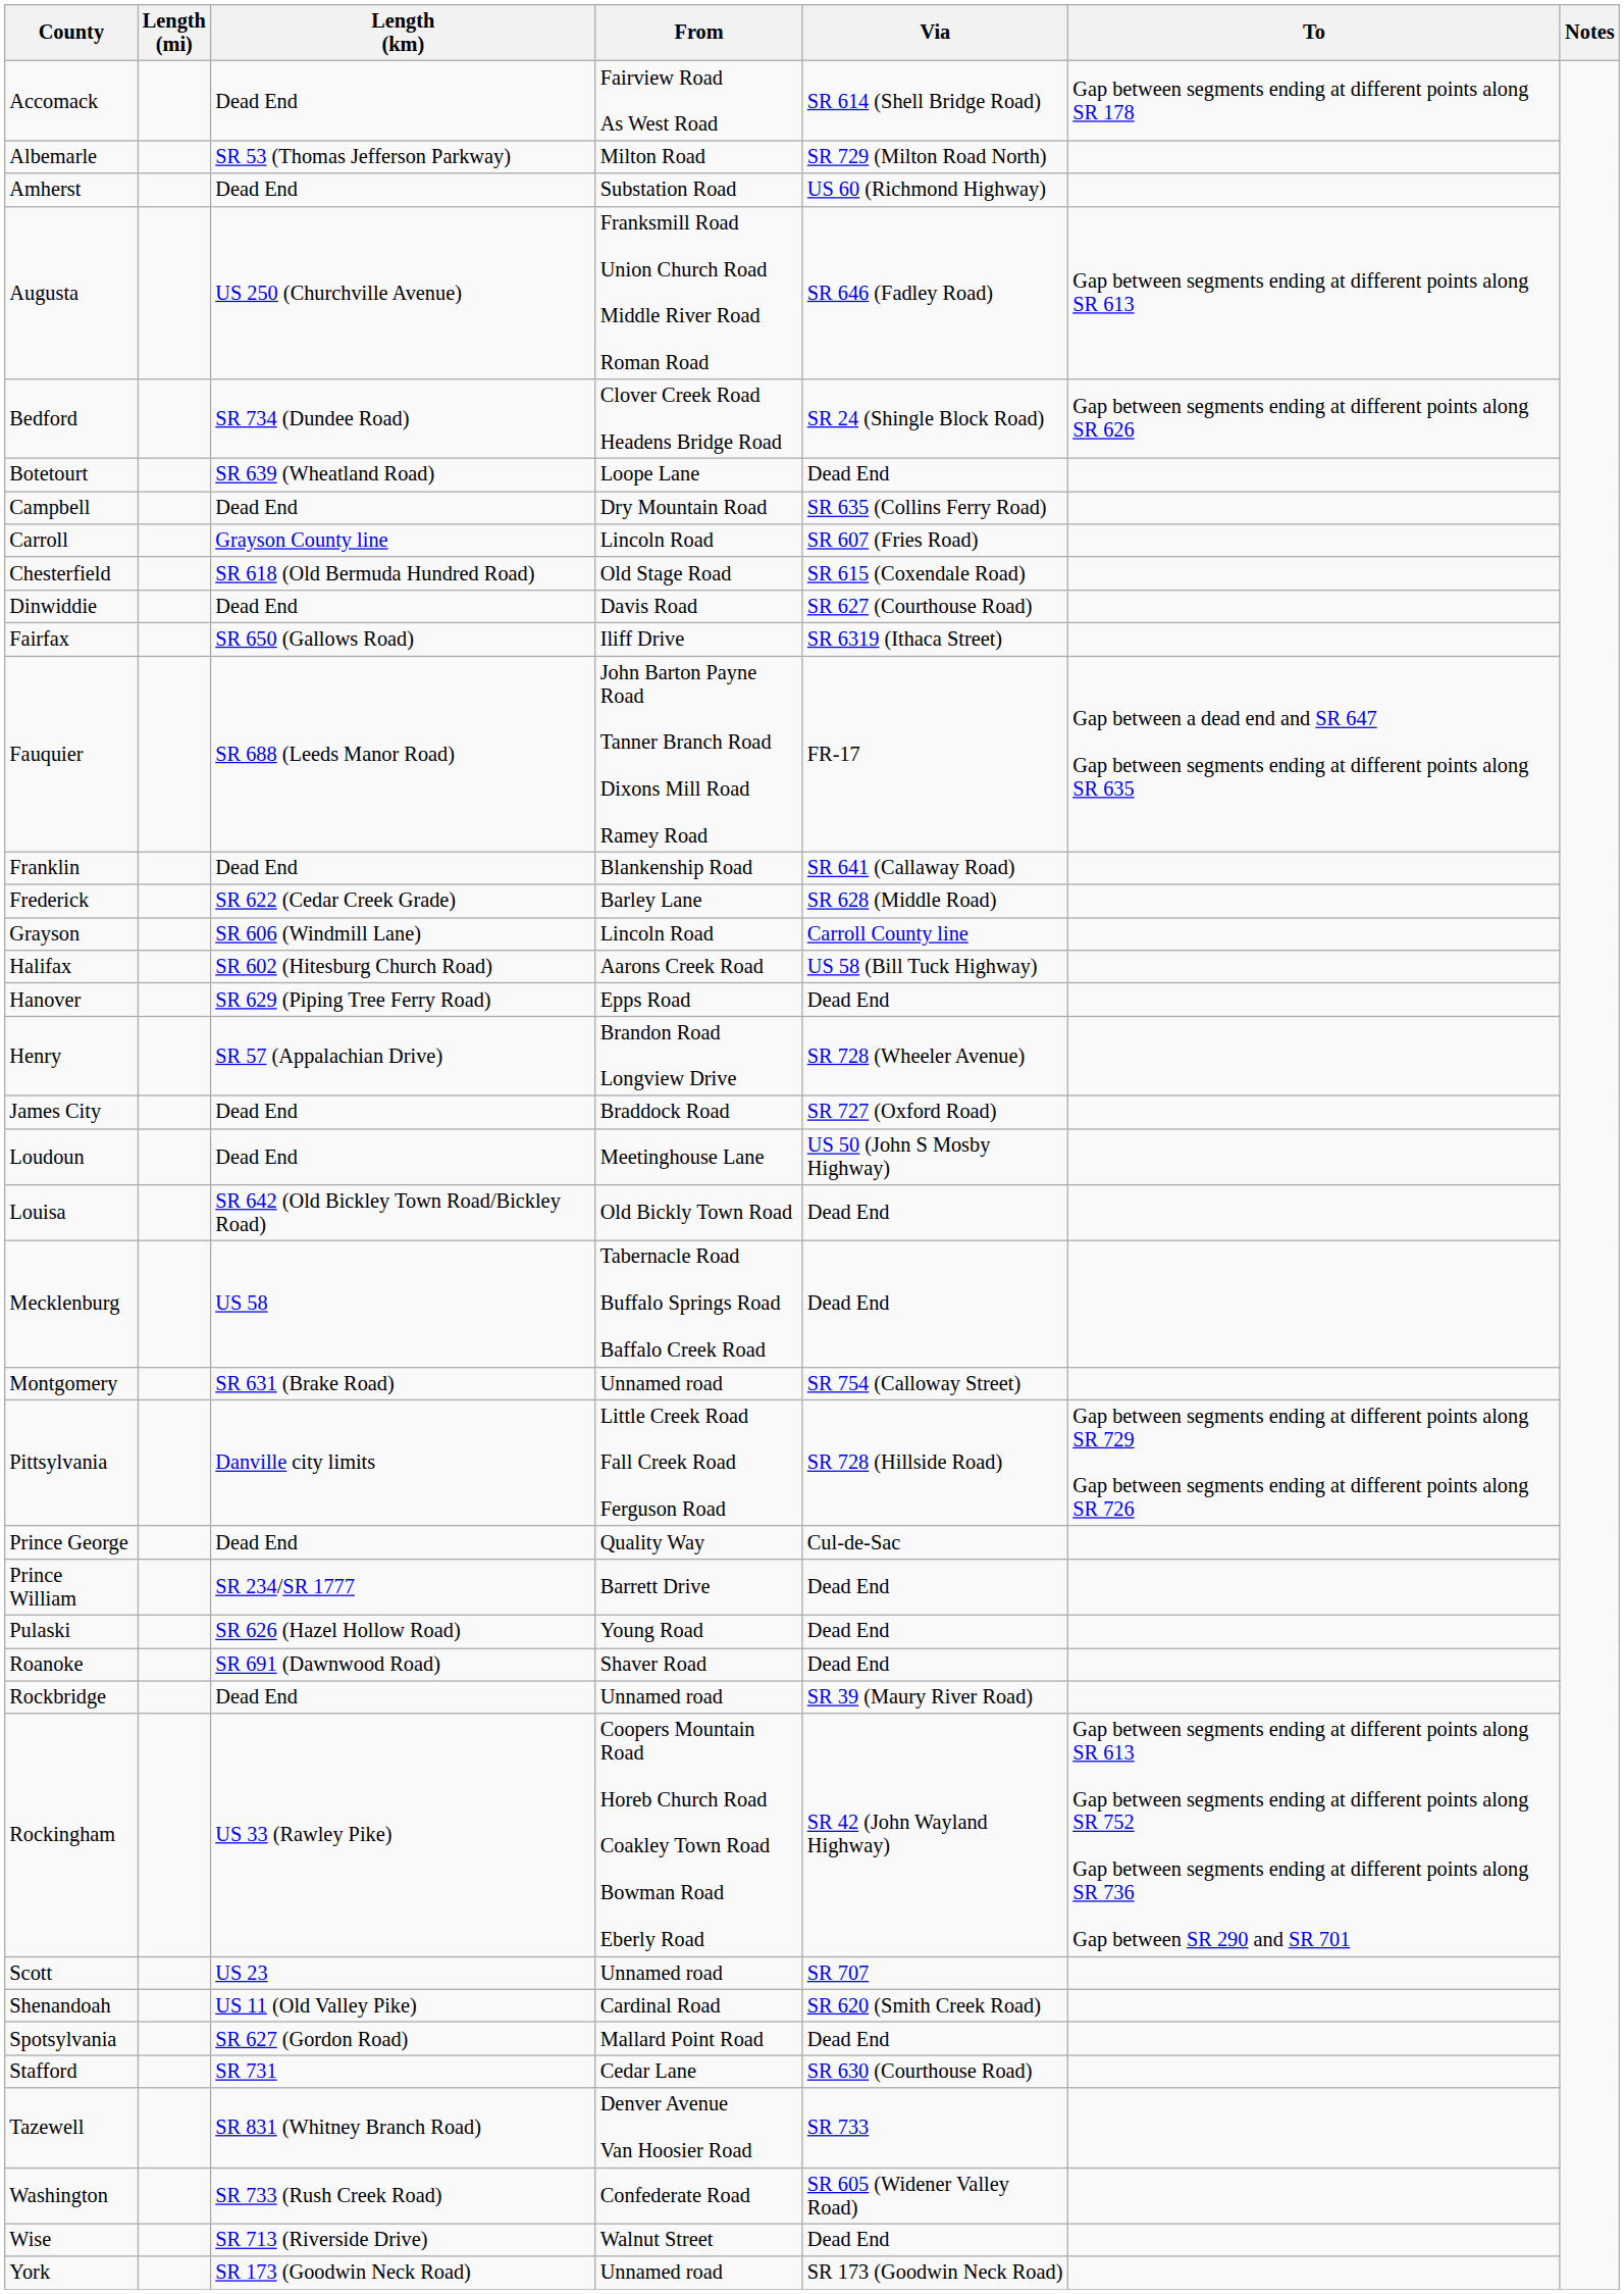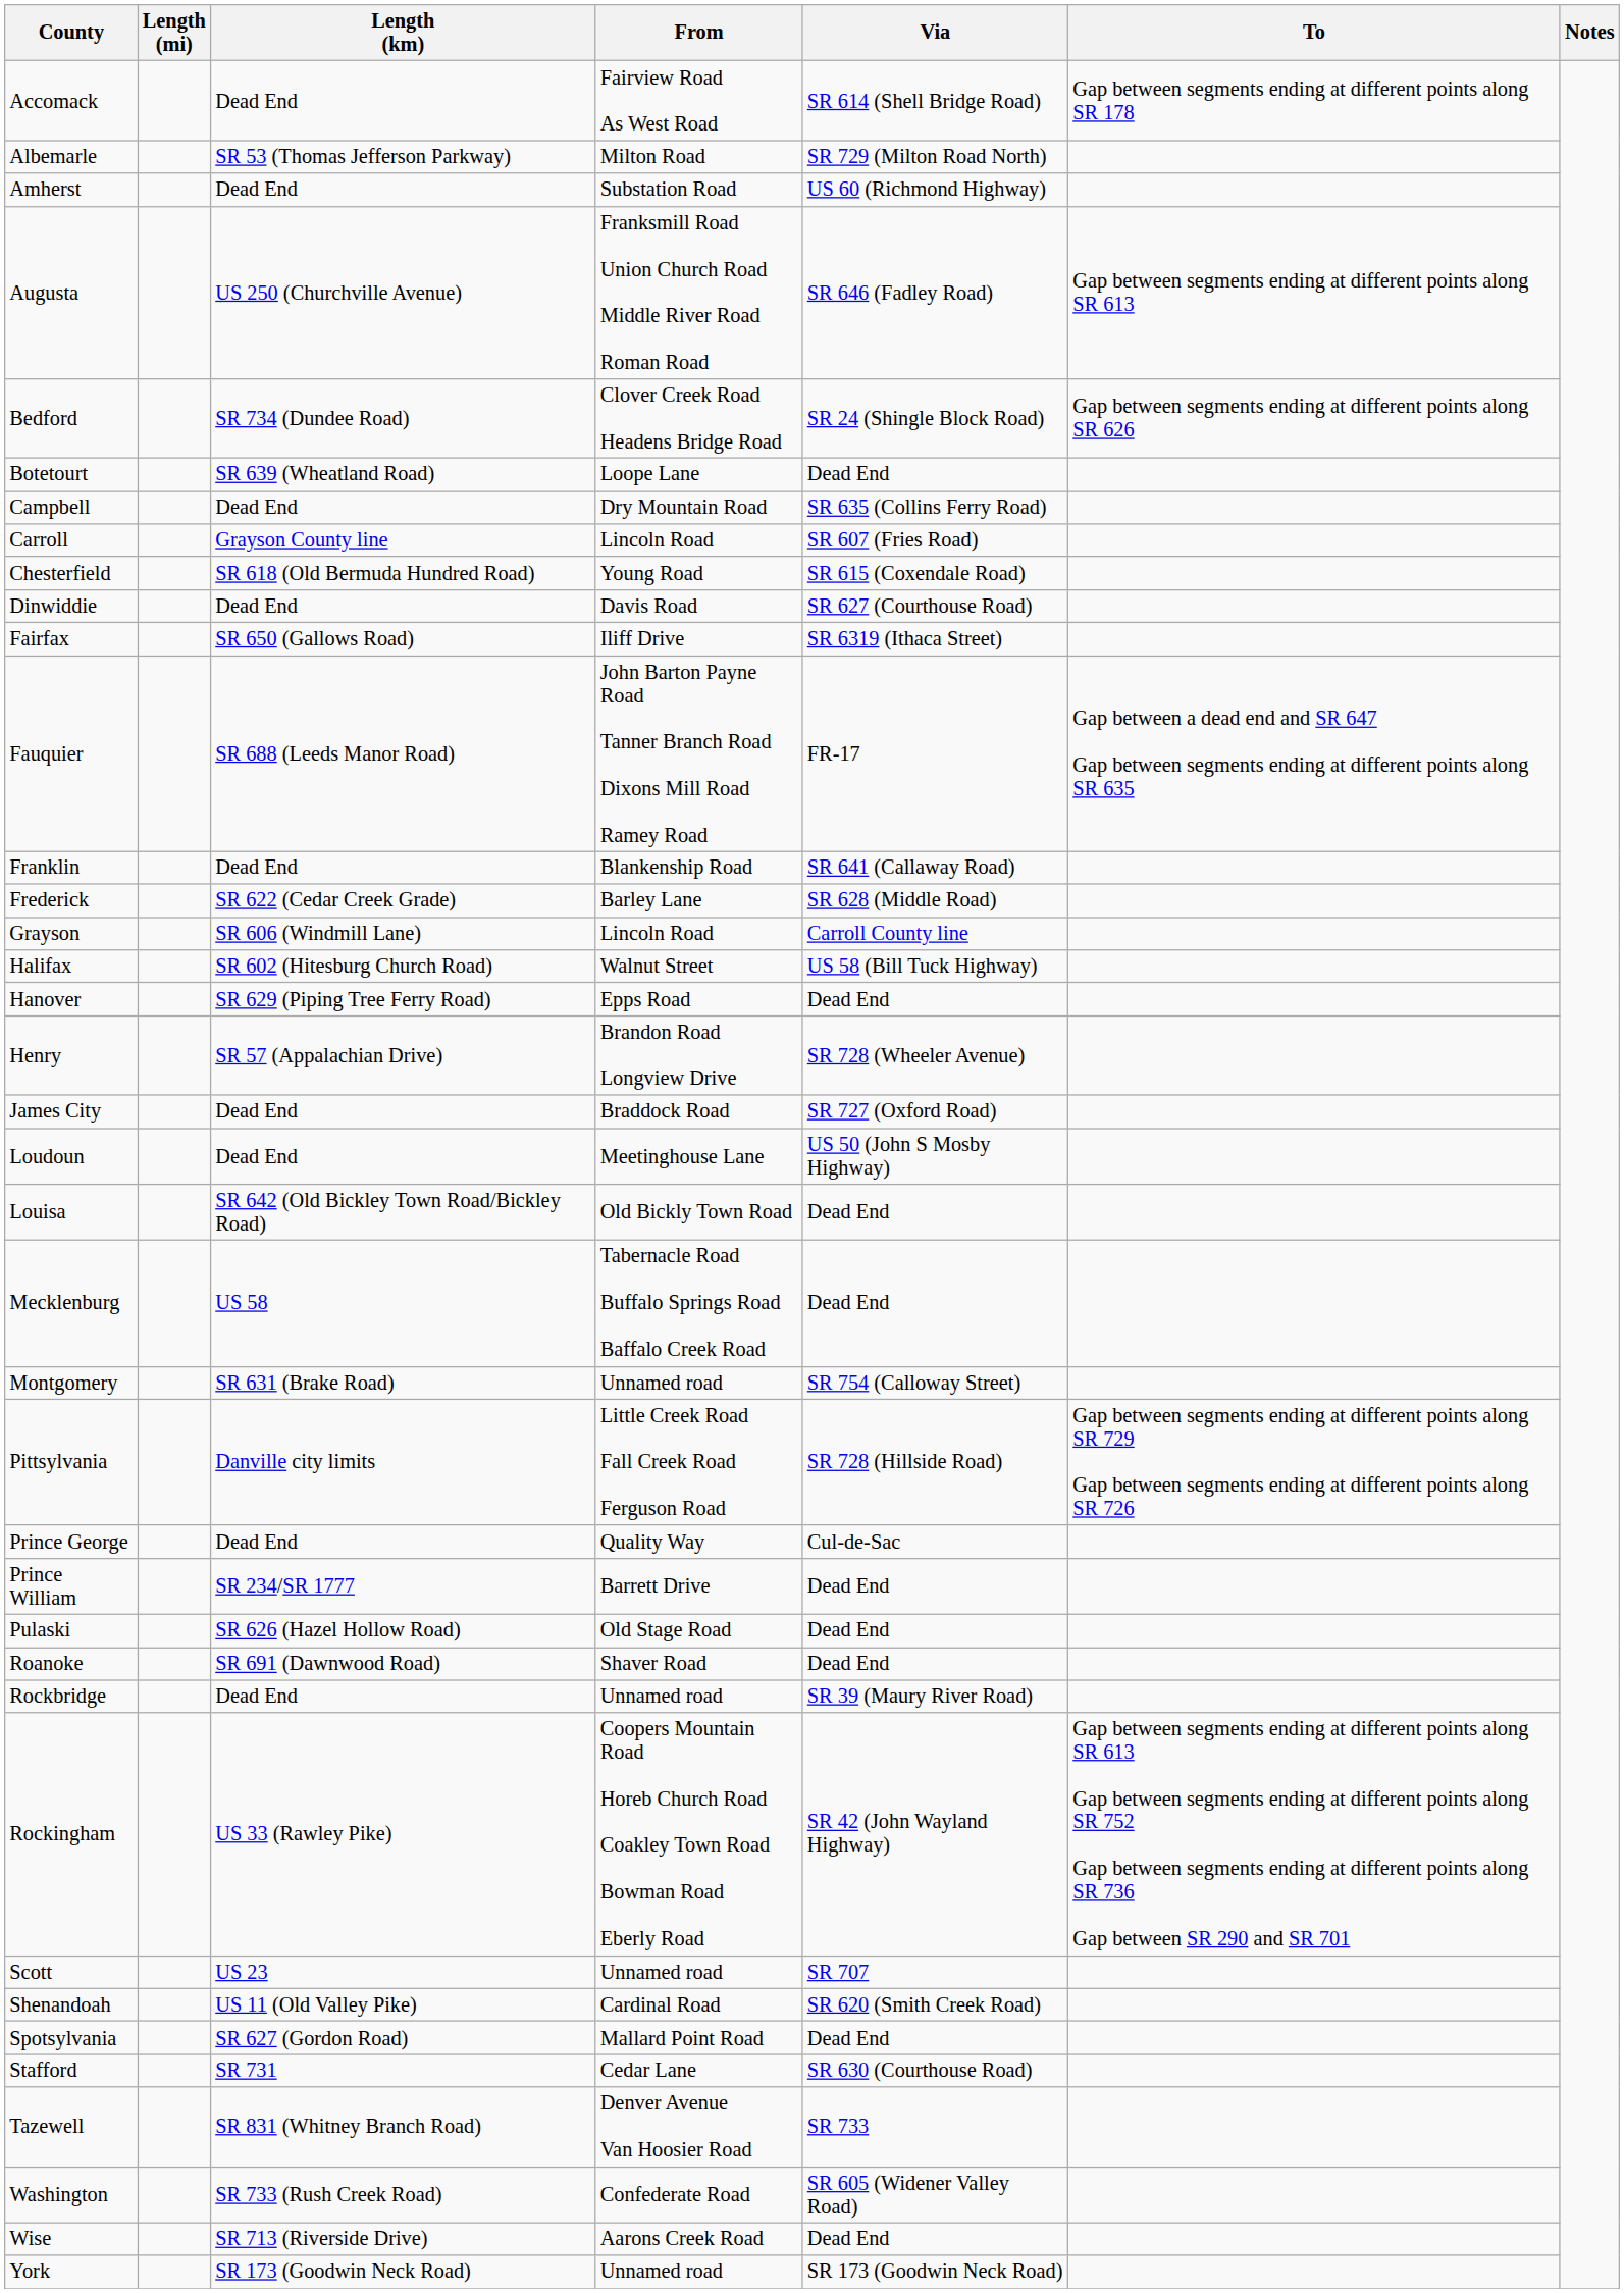 <table class="wikitable sortable">
 <tr>
 <th>County</th>
 <th>Length<br>(mi)</th>
 <th>Length<br>(km)</th>
 <th class="unsortable">From</th>
 <th class="unsortable">Via</th>
 <th class="unsortable">To</th>
 <th class="unsortable">Notes</th>
 </tr>
 <tr>
 <td id="Accomack">Accomack</td>
 <td></td>
 <td>Dead End</td>
 <td>Fairview Road<br><br>As West Road</td>
 <td><a href='#'>SR 614</a> (Shell Bridge Road)</td>
 <td>Gap between segments ending at different points along <a href='#'>SR 178</a></td>
 </tr>
 <tr>
 <td id="Albemarle">Albemarle</td>
 <td></td>
 <td><a href='#'>SR 53</a> (Thomas Jefferson Parkway)</td>
 <td>Milton Road</td>
 <td><a href='#'>SR 729</a> (Milton Road North)</td>
 <td><br> </td>
 </tr>
 <tr>
 <td id="Amherst">Amherst</td>
 <td></td>
 <td>Dead End</td>
 <td>Substation Road</td>
 <td><a href='#'>US 60</a> (Richmond Highway)</td>
 <td><br> </td>
 </tr>
 <tr>
 <td id="Augusta">Augusta</td>
 <td></td>
 <td><a href='#'>US 250</a> (Churchville Avenue)</td>
 <td>Franksmill Road<br><br>Union Church Road<br><br>Middle River Road<br><br>Roman Road</td>
 <td><a href='#'>SR 646</a> (Fadley Road)</td>
 <td>Gap between segments ending at different points along <a href='#'>SR 613</a><br></td>
 </tr>
 <tr>
 <td id="Bedford">Bedford</td>
 <td></td>
 <td><a href='#'>SR 734</a> (Dundee Road)</td>
 <td>Clover Creek Road<br><br>Headens Bridge Road</td>
 <td><a href='#'>SR 24</a> (Shingle Block Road)</td>
 <td>Gap between segments ending at different points along <a href='#'>SR 626</a><br></td>
 </tr>
 <tr>
 <td id="Botetourt">Botetourt</td>
 <td></td>
 <td><a href='#'>SR 639</a> (Wheatland Road)</td>
 <td>Loope Lane</td>
 <td>Dead End</td>
 <td><br>  </td>
 </tr>
 <tr>
 <td id="Campbell">Campbell</td>
 <td></td>
 <td>Dead End</td>
 <td>Dry Mountain Road</td>
 <td><a href='#'>SR 635</a> (Collins Ferry Road)</td>
 <td><br></td>
 </tr>
 <tr>
 <td id="Carroll">Carroll</td>
 <td></td>
 <td><a href='#'>Grayson County line</a></td>
 <td>Lincoln Road</td>
 <td><a href='#'>SR 607</a> (Fries Road)</td>
 <td><br> </td>
 </tr>
 <tr>
 <td id="Chesterfield">Chesterfield</td>
 <td></td>
 <td><a href='#'>SR 618</a> (Old Bermuda Hundred Road)</td>
-<td>Old Stage Road</td>
+<td>Young Road</td>
 <td><a href='#'>SR 615</a> (Coxendale Road)</td>
 <td><br>    </td>
 </tr>
 <tr>
 <td id="Dinwiddie">Dinwiddie</td>
 <td></td>
 <td>Dead End</td>
 <td>Davis Road</td>
 <td><a href='#'>SR 627</a> (Courthouse Road)</td>
 <td><br></td>
 </tr>
 <tr>
 <td id="Fairfax">Fairfax</td>
 <td></td>
 <td><a href='#'>SR 650</a> (Gallows Road)</td>
 <td>Iliff Drive</td>
 <td><a href='#'>SR 6319</a> (Ithaca Street)</td>
 <td></td>
 </tr>
 <tr>
 <td id="Fauquier">Fauquier</td>
 <td></td>
 <td><a href='#'>SR 688</a> (Leeds Manor Road)</td>
 <td>John Barton Payne Road<br><br>Tanner Branch Road<br><br>Dixons Mill Road<br><br>Ramey Road</td>
 <td>FR-17</td>
 <td>Gap between a dead end and <a href='#'>SR 647</a><br><br>Gap between segments ending at different points along <a href='#'>SR 635</a><br> </td>
 </tr>
 <tr>
 <td id="Franklin">Franklin</td>
 <td></td>
 <td>Dead End</td>
 <td>Blankenship Road</td>
 <td><a href='#'>SR 641</a> (Callaway Road)</td>
 <td></td>
 </tr>
 <tr>
 <td id="Frederick">Frederick</td>
 <td></td>
 <td><a href='#'>SR 622</a> (Cedar Creek Grade)</td>
 <td>Barley Lane</td>
 <td><a href='#'>SR 628</a> (Middle Road)</td>
 <td><br>  </td>
 </tr>
 <tr>
 <td id="Grayson">Grayson</td>
 <td></td>
 <td><a href='#'>SR 606</a> (Windmill Lane)</td>
 <td>Lincoln Road</td>
 <td><a href='#'>Carroll County line</a></td>
 <td><br> </td>
 </tr>
 <tr>
 <td id="Halifax">Halifax</td>
 <td></td>
 <td><a href='#'>SR 602</a> (Hitesburg Church Road)</td>
-<td>Aarons Creek Road</td>
+<td>Walnut Street</td>
 <td><a href='#'>US 58</a> (Bill Tuck Highway)</td>
 <td></td>
 </tr>
 <tr>
 <td id="Hanover">Hanover</td>
 <td></td>
 <td><a href='#'>SR 629</a> (Piping Tree Ferry Road)</td>
 <td>Epps Road</td>
 <td>Dead End</td>
 <td><br></td>
 </tr>
 <tr>
 <td id="Henry">Henry</td>
 <td></td>
 <td><a href='#'>SR 57</a> (Appalachian Drive)</td>
 <td>Brandon Road<br><br>Longview Drive</td>
 <td><a href='#'>SR 728</a> (Wheeler Avenue)</td>
 <td><br> </td>
 </tr>
 <tr>
 <td id="James City">James City</td>
 <td></td>
 <td>Dead End</td>
 <td>Braddock Road</td>
 <td><a href='#'>SR 727</a> (Oxford Road)</td>
 <td><br>    </td>
 </tr>
 <tr>
 <td id="Loudoun">Loudoun</td>
 <td></td>
 <td>Dead End</td>
 <td>Meetinghouse Lane</td>
 <td><a href='#'>US 50</a> (John S Mosby Highway)</td>
 <td></td>
 </tr>
 <tr>
 <td id="Louisa">Louisa</td>
 <td></td>
 <td><a href='#'>SR 642</a> (Old Bickley Town Road/Bickley Road)</td>
 <td>Old Bickly Town Road</td>
 <td>Dead End</td>
 <td><br>  </td>
 </tr>
 <tr>
 <td id="Mecklenburg">Mecklenburg</td>
 <td></td>
 <td><a href='#'>US 58</a></td>
 <td>Tabernacle Road<br><br>Buffalo Springs Road<br><br>Baffalo Creek Road</td>
 <td>Dead End</td>
 <td><br></td>
 </tr>
 <tr>
 <td id="Montgomery">Montgomery</td>
 <td></td>
 <td><a href='#'>SR 631</a> (Brake Road)</td>
 <td>Unnamed road</td>
 <td><a href='#'>SR 754</a> (Calloway Street)</td>
 <td><br>       </td>
 </tr>
 <tr>
 <td id="Pittsylvania">Pittsylvania</td>
 <td></td>
 <td><a href='#'>Danville</a> city limits</td>
 <td>Little Creek Road<br><br>Fall Creek Road<br><br>Ferguson Road</td>
 <td><a href='#'>SR 728</a> (Hillside Road)</td>
 <td>Gap between segments ending at different points along <a href='#'>SR 729</a><br><br>Gap between segments ending at different points along <a href='#'>SR 726</a><br> </td>
 </tr>
 <tr>
 <td id="Prince George">Prince George</td>
 <td></td>
 <td>Dead End</td>
 <td>Quality Way</td>
 <td>Cul-de-Sac</td>
 <td></td>
 </tr>
 <tr>
 <td id="Prince William">Prince William</td>
 <td></td>
 <td><a href='#'>SR 234</a>/<a href='#'>SR 1777</a></td>
 <td>Barrett Drive</td>
 <td>Dead End</td>
 <td></td>
 </tr>
 <tr>
 <td id="Pulaski">Pulaski</td>
 <td></td>
 <td><a href='#'>SR 626</a> (Hazel Hollow Road)</td>
-<td>Young Road</td>
+<td>Old Stage Road</td>
 <td>Dead End</td>
 <td><br> </td>
 </tr>
 <tr>
 <td id="Roanoke">Roanoke</td>
 <td></td>
 <td><a href='#'>SR 691</a> (Dawnwood Road)</td>
 <td>Shaver Road</td>
 <td>Dead End</td>
 <td></td>
 </tr>
 <tr>
 <td id="Rockbridge">Rockbridge</td>
 <td></td>
 <td>Dead End</td>
 <td>Unnamed road</td>
 <td><a href='#'>SR 39</a> (Maury River Road)</td>
 <td></td>
 </tr>
 <tr>
 <td id="Rockingham">Rockingham</td>
 <td></td>
 <td><a href='#'>US 33</a> (Rawley Pike)</td>
 <td>Coopers Mountain Road<br><br>Horeb Church Road<br><br>Coakley Town Road<br><br>Bowman Road<br><br>Eberly Road</td>
 <td><a href='#'>SR 42</a> (John Wayland Highway)</td>
 <td>Gap between segments ending at different points along <a href='#'>SR 613</a><br><br>Gap between segments ending at different points along <a href='#'>SR 752</a><br><br>Gap between segments ending at different points along <a href='#'>SR 736</a><br><br>Gap between <a href='#'>SR 290</a> and <a href='#'>SR 701</a><br></td>
 </tr>
 <tr>
 <td id="Scott">Scott</td>
 <td></td>
 <td><a href='#'>US 23</a></td>
 <td>Unnamed road</td>
 <td><a href='#'>SR 707</a></td>
 <td></td>
 </tr>
 <tr>
 <td id="Shenandoah">Shenandoah</td>
 <td></td>
 <td><a href='#'>US 11</a> (Old Valley Pike)</td>
 <td>Cardinal Road</td>
 <td><a href='#'>SR 620</a> (Smith Creek Road)</td>
 <td><br> </td>
 </tr>
 <tr>
 <td id="Spotsylvania">Spotsylvania</td>
 <td></td>
 <td><a href='#'>SR 627</a> (Gordon Road)</td>
 <td>Mallard Point Road</td>
 <td>Dead End</td>
 <td></td>
 </tr>
 <tr>
 <td id="Stafford">Stafford</td>
 <td></td>
 <td><a href='#'>SR 731</a></td>
 <td>Cedar Lane</td>
 <td><a href='#'>SR 630</a> (Courthouse Road)</td>
 <td><br> </td>
 </tr>
 <tr>
 <td id="Tazewell">Tazewell</td>
 <td></td>
 <td><a href='#'>SR 831</a> (Whitney Branch Road)</td>
 <td>Denver Avenue<br><br>Van Hoosier Road</td>
 <td><a href='#'>SR 733</a></td>
 <td><br></td>
 </tr>
 <tr>
 <td id="Washington">Washington</td>
 <td></td>
 <td><a href='#'>SR 733</a> (Rush Creek Road)</td>
 <td>Confederate Road</td>
 <td><a href='#'>SR 605</a> (Widener Valley Road)</td>
 <td><br></td>
 </tr>
 <tr>
 <td id="Wise">Wise</td>
 <td></td>
 <td><a href='#'>SR 713</a> (Riverside Drive)</td>
-<td>Walnut Street</td>
+<td>Aarons Creek Road</td>
 <td>Dead End</td>
 <td><br></td>
 </tr>
 <tr>
 <td id="York">York</td>
 <td></td>
 <td><a href='#'>SR 173</a> (Goodwin Neck Road)</td>
 <td>Unnamed road</td>
 <td>SR 173 (Goodwin Neck Road)</td>
 <td></td>
 </tr>
 </table>
